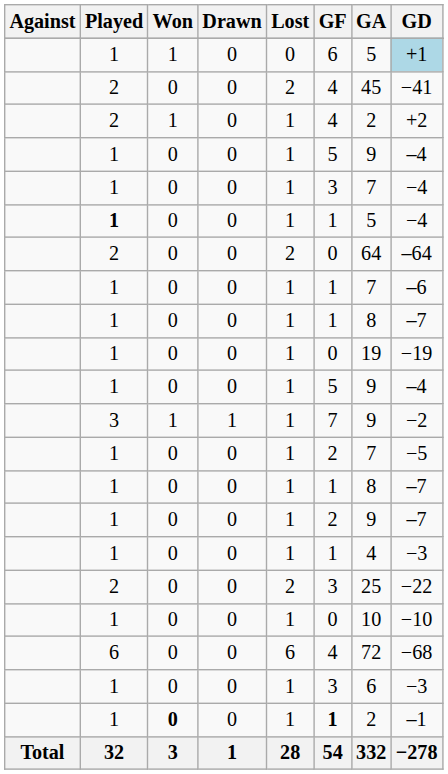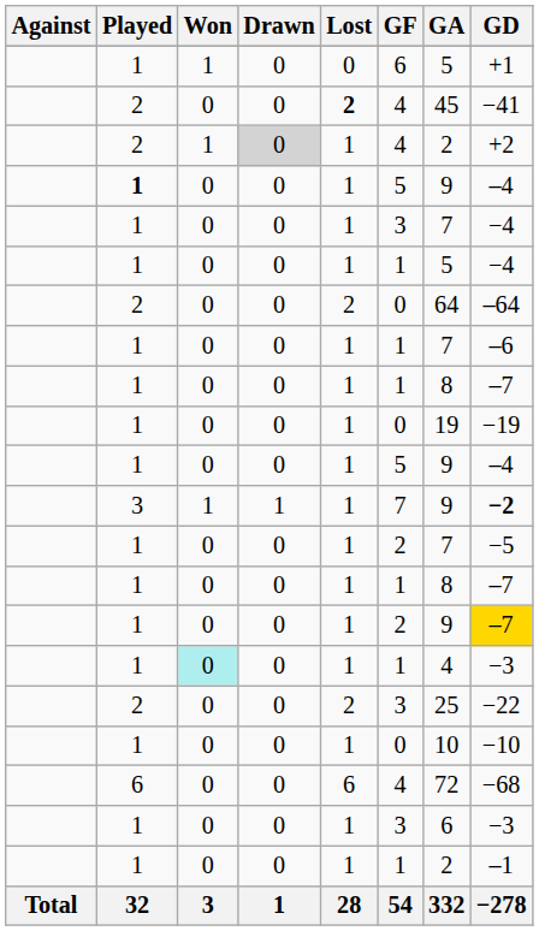 <table class="wikitable sortable" style="font-size:90%; text-align: center;">
 <tr>
 <th>Against</th>
 <th>Played</th>
 <th>Won</th>
 <th>Drawn</th>
 <th>Lost</th>
 <th>GF</th>
 <th>GA</th>
 <th>GD</th>
 </tr>
 <tr bgcolor="#d0ffd0" align="center">
 </tr>
 <tr>
 <td align="left"></td>
 <td>1</td>
 <td>1</td>
 <td>0</td>
 <td>0</td>
 <td>6</td>
 <td>5</td>
-<td style="background: lightblue;">+1</td>
+<td>+1</td>
 </tr>
 <tr>
 <td align="left"></td>
 <td>2</td>
 <td>0</td>
 <td>0</td>
-<td>2</td>
+<td><strong>2</strong></td>
 <td>4</td>
 <td>45</td>
 <td>−41</td>
 </tr>
 <tr>
 <td align="left"></td>
 <td>2</td>
 <td>1</td>
-<td>0</td>
+<td style="background: lightgrey;">0</td>
 <td>1</td>
 <td>4</td>
 <td>2</td>
 <td>+2</td>
 </tr>
 <tr>
 <td align="left"></td>
-<td>1</td>
+<td><strong>1</strong></td>
 <td>0</td>
 <td>0</td>
 <td>1</td>
 <td>5</td>
 <td>9</td>
 <td>–4</td>
 </tr>
 <tr>
 <td align="left"></td>
 <td>1</td>
 <td>0</td>
 <td>0</td>
 <td>1</td>
 <td>3</td>
 <td>7</td>
 <td>−4</td>
 </tr>
 <tr>
 <td align="left"></td>
-<td><strong>1</strong></td>
+<td>1</td>
 <td>0</td>
 <td>0</td>
 <td>1</td>
 <td>1</td>
 <td>5</td>
 <td>−4</td>
 </tr>
 <tr>
 <td align="left"></td>
 <td>2</td>
 <td>0</td>
 <td>0</td>
 <td>2</td>
 <td>0</td>
 <td>64</td>
 <td>–64</td>
 </tr>
 <tr>
 <td align="left"></td>
 <td>1</td>
 <td>0</td>
 <td>0</td>
 <td>1</td>
 <td>1</td>
 <td>7</td>
 <td>–6</td>
 </tr>
 <tr>
 <td align="left"></td>
 <td>1</td>
 <td>0</td>
 <td>0</td>
 <td>1</td>
 <td>1</td>
 <td>8</td>
 <td>–7</td>
 </tr>
 <tr>
 <td align="left"></td>
 <td>1</td>
 <td>0</td>
 <td>0</td>
 <td>1</td>
 <td>0</td>
 <td>19</td>
 <td>−19</td>
 </tr>
 <tr>
 <td align="left"></td>
 <td>1</td>
 <td>0</td>
 <td>0</td>
 <td>1</td>
 <td>5</td>
 <td>9</td>
 <td>–4</td>
 </tr>
 <tr>
 <td align="left"></td>
 <td>3</td>
 <td>1</td>
 <td>1</td>
 <td>1</td>
 <td>7</td>
 <td>9</td>
-<td>−2</td>
+<td><strong>−2</strong></td>
 </tr>
 <tr>
 <td align="left"></td>
 <td>1</td>
 <td>0</td>
 <td>0</td>
 <td>1</td>
 <td>2</td>
 <td>7</td>
 <td>−5</td>
 </tr>
 <tr>
 <td align="left"></td>
 <td>1</td>
 <td>0</td>
 <td>0</td>
 <td>1</td>
 <td>1</td>
 <td>8</td>
 <td>–7</td>
 </tr>
 <tr>
 <td align="left"></td>
 <td>1</td>
 <td>0</td>
 <td>0</td>
 <td>1</td>
 <td>2</td>
 <td>9</td>
-<td>–7</td>
+<td style="background: gold;">–7</td>
 </tr>
 <tr>
 <td align="left"></td>
 <td>1</td>
-<td>0</td>
+<td style="background: paleturquoise;">0</td>
 <td>0</td>
 <td>1</td>
 <td>1</td>
 <td>4</td>
 <td>−3</td>
 </tr>
 <tr>
 <td align="left"></td>
 <td>2</td>
 <td>0</td>
 <td>0</td>
 <td>2</td>
 <td>3</td>
 <td>25</td>
 <td>−22</td>
 </tr>
 <tr>
 <td align="left"></td>
 <td>1</td>
 <td>0</td>
 <td>0</td>
 <td>1</td>
 <td>0</td>
 <td>10</td>
 <td>−10</td>
 </tr>
 <tr>
 <td align="left"></td>
 <td>6</td>
 <td>0</td>
 <td>0</td>
 <td>6</td>
 <td>4</td>
 <td>72</td>
 <td>−68</td>
 </tr>
 <tr>
 <td align="left"></td>
 <td>1</td>
 <td>0</td>
 <td>0</td>
 <td>1</td>
 <td>3</td>
 <td>6</td>
 <td>−3</td>
 </tr>
 <tr>
 <td align="left"></td>
 <td>1</td>
-<td><strong>0</strong></td>
+<td>0</td>
 <td>0</td>
 <td>1</td>
-<td><strong>1</strong></td>
+<td>1</td>
 <td>2</td>
 <td>–1</td>
 </tr>
 <tr>
 <th>Total</th>
 <th>32</th>
 <th>3</th>
 <th>1</th>
 <th>28</th>
 <th>54</th>
 <th>332</th>
 <th>−278</th>
 </tr>
 </table>
